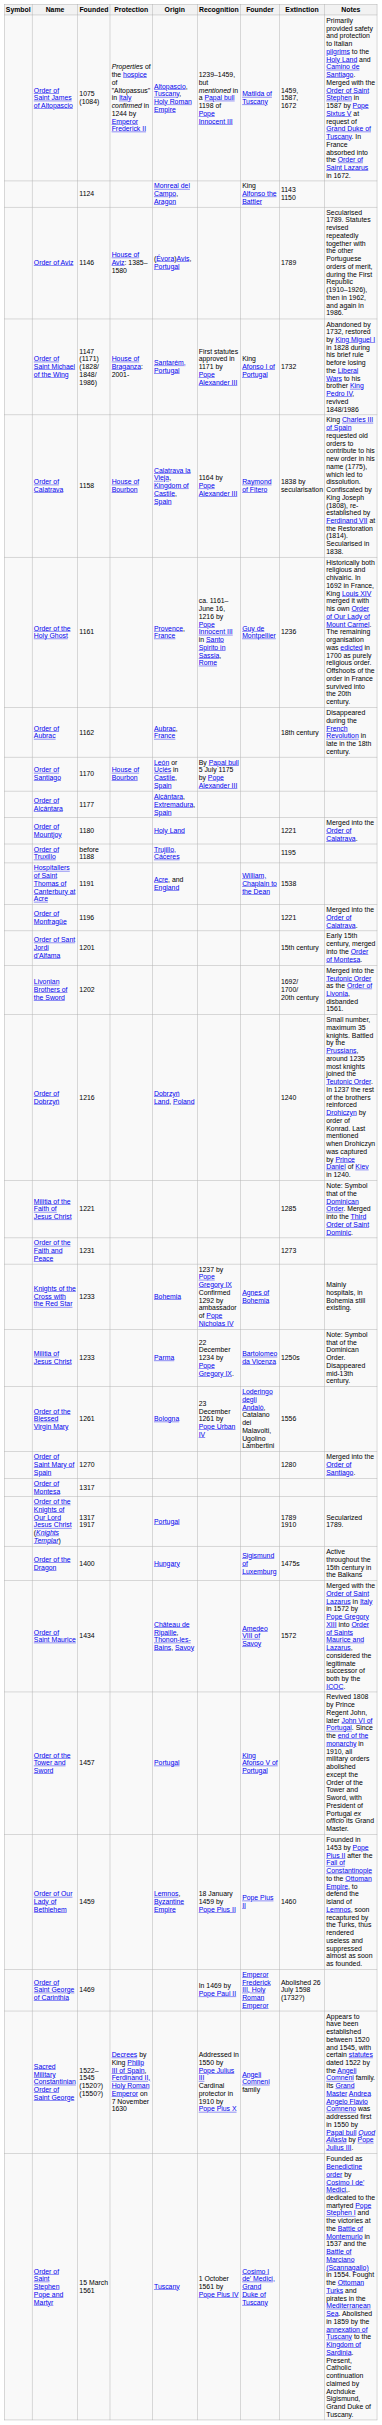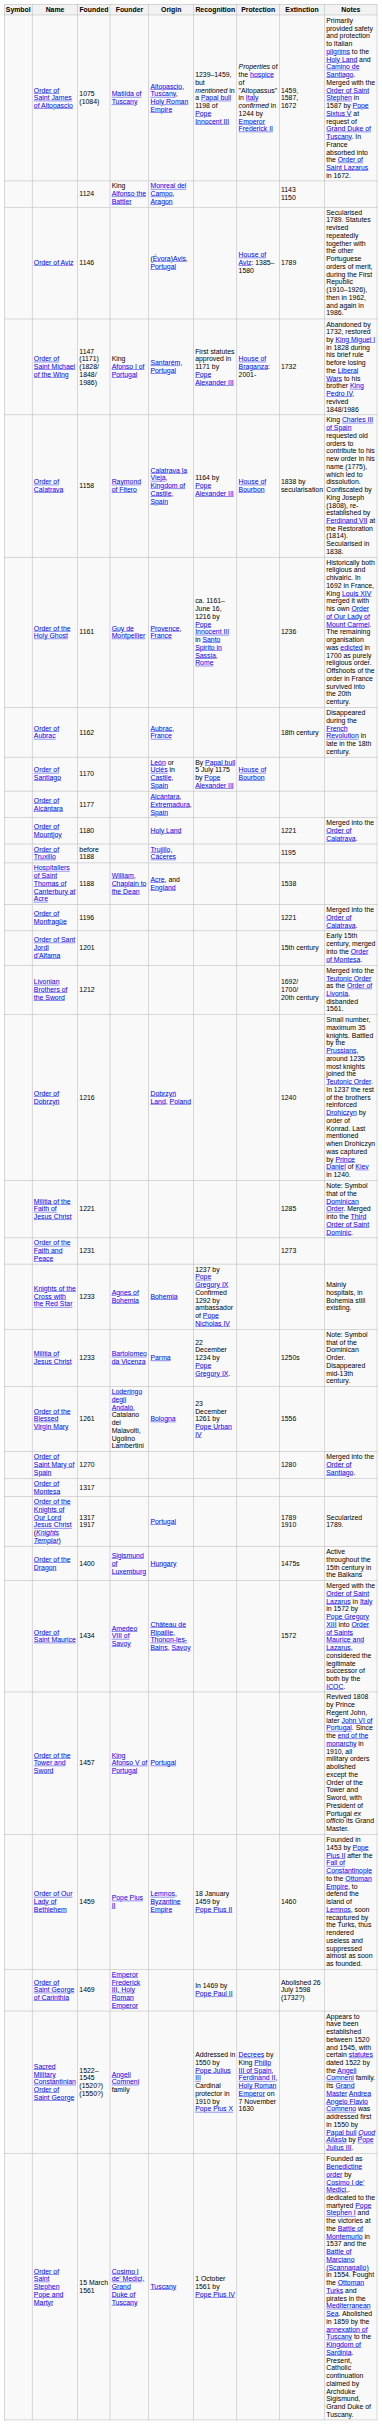 <table class="wikitable sortable">
 <tr>
 <th>Symbol</th>
 <th>Name</th>
 <th>Founded</th>
-<th>Protection</th>
+<th>Founder</th>
 <th>Origin</th>
 <th>Recognition</th>
-<th>Founder</th>
+<th>Protection</th>
 <th>Extinction</th>
 <th>Notes</th>
 </tr>
 <tr>
 <td></td>
 <td><a href='#'>Order of Saint James of Altopascio</a></td>
 <td>1075<br>(1084)</td>
-<td><em>Properties</em> of the <a href='#'>hospice</a> of "Altopassus" in <a href='#'>Italy</a> <em>confirmed</em> in 1244 by <a href='#'>Emperor Frederick II</a></td>
+<td><a href='#'>Matilda of Tuscany</a></td>
 <td><a href='#'>Altopascio</a>, <a href='#'>Tuscany</a>, <a href='#'>Holy Roman Empire</a></td>
 <td>1239–1459,<br>but <em>mentioned</em> in a <a href='#'>Papal bull</a> 1198 of <a href='#'>Pope Innocent III</a></td>
-<td><a href='#'>Matilda of Tuscany</a></td>
+<td><em>Properties</em> of the <a href='#'>hospice</a> of "Altopassus" in <a href='#'>Italy</a> <em>confirmed</em> in 1244 by <a href='#'>Emperor Frederick II</a></td>
 <td>1459,<br>1587,<br>1672</td>
 <td>Primarily provided safety and protection to  Italian <a href='#'>pilgrims</a> to the <a href='#'>Holy Land</a> and <a href='#'>Camino de Santiago</a>. Merged with the <a href='#'>Order of Saint Stephen</a> in 1587 by <a href='#'>Pope Sixtus V</a> at request of <a href='#'>Grand Duke of Tuscany</a>. In France absorbed into the <a href='#'>Order of Saint Lazarus</a> in 1672.</td>
 </tr>
 <tr>
 <td></td>
 <td></td>
 <td>1124</td>
-<td></td>
+<td>King <a href='#'>Alfonso the Battler</a></td>
 <td><a href='#'>Monreal del Campo</a>, <a href='#'>Aragon</a></td>
 <td></td>
-<td>King <a href='#'>Alfonso the Battler</a></td>
+<td></td>
 <td>1143<br>1150</td>
 <td></td>
 </tr>
 <tr>
 <td></td>
 <td><a href='#'>Order of Aviz</a></td>
 <td>1146<br></td>
-<td><a href='#'>House of Aviz</a>: 1385–1580</td>
+<td></td>
 <td>(<a href='#'>Évora</a>)<a href='#'>Avis</a>, <a href='#'>Portugal</a></td>
 <td></td>
-<td></td>
+<td><a href='#'>House of Aviz</a>: 1385–1580</td>
 <td>1789</td>
 <td>Secularised 1789. Statutes revised repeatedly together with the other Portuguese orders of merit, during the First Republic (1910–1926), then in 1962, and again in 1986.</td>
 </tr>
 <tr>
 <td></td>
 <td><a href='#'>Order of Saint Michael of the Wing</a></td>
 <td>1147<br>(1171)<br>(1828/<br>1848/<br>1986)</td>
-<td><a href='#'>House of Braganza</a>: 2001-</td>
+<td>King <a href='#'>Afonso I of Portugal</a></td>
 <td><a href='#'>Santarém, Portugal</a></td>
 <td>First statutes approved in 1171 by <a href='#'>Pope Alexander III</a></td>
-<td>King <a href='#'>Afonso I of Portugal</a></td>
+<td><a href='#'>House of Braganza</a>: 2001-</td>
 <td>1732</td>
 <td>Abandoned by 1732, restored by <a href='#'>King Miguel I</a> in 1828 during his brief rule before losing the <a href='#'>Liberal Wars</a> to his brother <a href='#'>King Pedro IV</a>, revived 1848/1986 </td>
 </tr>
 <tr>
 <td></td>
 <td><a href='#'>Order of Calatrava</a></td>
 <td>1158</td>
-<td><a href='#'>House of Bourbon</a></td>
+<td><a href='#'>Raymond of Fitero</a></td>
 <td><a href='#'>Calatrava la Vieja</a>, <a href='#'>Kingdom of Castile</a>, <a href='#'>Spain</a></td>
 <td>1164 by <a href='#'>Pope Alexander III</a></td>
-<td><a href='#'>Raymond of Fitero</a></td>
+<td><a href='#'>House of Bourbon</a></td>
 <td>1838 by secularisation</td>
 <td>King <a href='#'>Charles III of Spain</a> requested old orders to contribute to his new order in his name (1775), which led to dissolution. Confiscated by King Joseph (1808), re-established by <a href='#'>Ferdinand VII</a> at the Restoration (1814). Secularised in 1838.</td>
 </tr>
 <tr>
 <td></td>
 <td><a href='#'>Order of the Holy Ghost</a></td>
 <td>1161</td>
-<td></td>
+<td><a href='#'>Guy de Montpellier</a></td>
 <td><a href='#'>Provence</a>, <a href='#'>France</a></td>
 <td>ca. 1161–June 16, 1216 by <a href='#'>Pope Innocent III</a> in <a href='#'>Santo Spirito in Sassia</a>, <a href='#'>Rome</a></td>
-<td><a href='#'>Guy de Montpellier</a></td>
+<td></td>
 <td>1236</td>
 <td>Historically both religious and chivalric. In 1692 in France, King <a href='#'>Louis XIV</a> merged it with his own <a href='#'>Order of Our Lady of Mount Carmel</a>. The remaining organisation was <a href='#'>edicted</a> in 1700 as purely religious order. Offshoots of the order in France survived into the 20th century.</td>
 </tr>
 <tr>
 <td></td>
 <td><a href='#'>Order of Aubrac</a></td>
 <td>1162</td>
 <td></td>
 <td><a href='#'>Aubrac</a>, <a href='#'>France</a></td>
 <td></td>
 <td></td>
 <td>18th century</td>
 <td>Disappeared during the <a href='#'>French Revolution</a> in late in the 18th century.</td>
 </tr>
 <tr>
 <td></td>
 <td><a href='#'>Order of Santiago</a></td>
 <td>1170</td>
-<td><a href='#'>House of Bourbon</a></td>
+<td></td>
 <td><a href='#'>León</a> or <a href='#'>Uclés</a> in <a href='#'>Castile</a>, <a href='#'>Spain</a></td>
 <td>By <a href='#'>Papal bull</a> 5 July 1175 by <a href='#'>Pope Alexander III</a></td>
-<td></td>
+<td><a href='#'>House of Bourbon</a></td>
 <td></td>
 <td></td>
 </tr>
 <tr>
 <td></td>
 <td><a href='#'>Order of Alcántara</a></td>
 <td>1177</td>
 <td></td>
 <td><a href='#'>Alcántara</a>, <a href='#'>Extremadura</a>, <a href='#'>Spain</a></td>
 <td></td>
 <td></td>
 <td></td>
 <td></td>
 </tr>
 <tr>
 <td></td>
 <td><a href='#'>Order of Mountjoy</a></td>
 <td>1180</td>
 <td></td>
 <td><a href='#'>Holy Land</a></td>
 <td></td>
 <td></td>
 <td>1221</td>
 <td>Merged into the <a href='#'>Order of Calatrava</a>.</td>
 </tr>
 <tr>
 <td></td>
 <td><a href='#'>Order of Truxillo</a></td>
 <td>before 1188</td>
 <td></td>
 <td><a href='#'>Trujillo, Cáceres</a></td>
 <td></td>
 <td></td>
 <td>1195</td>
 <td></td>
 </tr>
 <tr>
 <td></td>
 <td><a href='#'>Hospitallers of Saint Thomas of Canterbury at Acre</a></td>
-<td>1191</td>
-<td></td>
+<td>1188</td>
+<td><a href='#'>William, Chaplain to the Dean</a></td>
 <td><a href='#'>Acre</a>, and<br><a href='#'>England</a></td>
 <td></td>
-<td><a href='#'>William, Chaplain to the Dean</a></td>
+<td></td>
 <td>1538</td>
 <td></td>
 </tr>
 <tr>
 <td></td>
 <td><a href='#'>Order of Monfragüe</a></td>
 <td>1196</td>
 <td></td>
 <td></td>
 <td></td>
 <td></td>
 <td>1221</td>
 <td>Merged into the <a href='#'>Order of Calatrava</a>.</td>
 </tr>
 <tr>
 <td></td>
 <td><a href='#'>Order of Sant Jordi d'Alfama</a></td>
 <td>1201</td>
 <td></td>
 <td></td>
 <td></td>
 <td></td>
 <td>15th century</td>
 <td>Early 15th century, merged into the <a href='#'>Order of Montesa</a>.</td>
 </tr>
 <tr>
 <td></td>
 <td><a href='#'>Livonian Brothers of the Sword</a></td>
-<td>1202</td>
+<td>1212</td>
 <td></td>
 <td></td>
 <td></td>
 <td></td>
 <td>1692/<br>1700/<br>20th century</td>
 <td>Merged into the <a href='#'>Teutonic Order</a> as the <a href='#'>Order of Livonia</a>, disbanded 1561.</td>
 </tr>
 <tr>
 <td></td>
 <td><a href='#'>Order of Dobrzyń</a></td>
 <td>1216</td>
 <td></td>
 <td><a href='#'>Dobrzyń Land</a>, <a href='#'>Poland</a></td>
 <td></td>
 <td></td>
 <td>1240</td>
 <td>Small number, maximum 35 knights. Battled by the <a href='#'>Prussians</a>, around 1235 most knights joined the <a href='#'>Teutonic Order</a>. In 1237 the rest of the brothers reinforced <a href='#'>Drohiczyn</a> by order of Konrad. Last mentioned when Drohiczyn was captured by <a href='#'>Prince Daniel</a> of <a href='#'>Kiev</a> in 1240.</td>
 </tr>
 <tr>
 <td></td>
 <td><a href='#'>Militia of the Faith of Jesus Christ</a></td>
 <td>1221</td>
 <td></td>
 <td></td>
 <td></td>
 <td></td>
 <td>1285</td>
 <td>Note: Symbol that of the <a href='#'>Dominican Order</a>. Merged into the <a href='#'>Third Order of Saint Dominic</a>.</td>
 </tr>
 <tr>
 <td></td>
 <td><a href='#'>Order of the Faith and Peace</a></td>
 <td>1231</td>
 <td></td>
 <td></td>
 <td></td>
 <td></td>
 <td>1273</td>
 <td></td>
 </tr>
 <tr>
 <td></td>
 <td><a href='#'>Knights of the Cross with the Red Star</a></td>
 <td>1233</td>
-<td></td>
+<td><a href='#'>Agnes of Bohemia</a></td>
 <td><a href='#'>Bohemia</a></td>
 <td>1237 by <a href='#'>Pope Gregory IX</a><br>Confirmed 1292 by ambassador of <a href='#'>Pope Nicholas IV</a></td>
-<td><a href='#'>Agnes of Bohemia</a></td>
+<td></td>
 <td></td>
 <td>Mainly hospitals, in Bohemia still existing.</td>
 </tr>
 <tr>
 <td></td>
 <td><a href='#'>Militia of Jesus Christ</a></td>
 <td>1233</td>
-<td></td>
+<td><a href='#'>Bartolomeo da Vicenza</a></td>
 <td><a href='#'>Parma</a></td>
 <td>22 December 1234 by <a href='#'>Pope Gregory IX</a>.</td>
-<td><a href='#'>Bartolomeo da Vicenza</a></td>
+<td></td>
 <td>1250s</td>
 <td>Note: Symbol that of the Dominican Order. Disappeared mid-13th century.</td>
 </tr>
 <tr>
 <td></td>
 <td><a href='#'>Order of the Blessed Virgin Mary</a></td>
 <td>1261</td>
-<td></td>
+<td><a href='#'>Loderingo degli Andalò</a>, Catalano dei Malavolti, Ugolino Lambertini</td>
 <td><a href='#'>Bologna</a></td>
 <td>23 December 1261 by <a href='#'>Pope Urban IV</a></td>
-<td><a href='#'>Loderingo degli Andalò</a>, Catalano dei Malavolti, Ugolino Lambertini</td>
+<td></td>
 <td>1556</td>
 <td></td>
 </tr>
 <tr>
 <td></td>
 <td><a href='#'>Order of Saint Mary of Spain</a></td>
 <td>1270</td>
 <td></td>
 <td></td>
 <td></td>
 <td></td>
 <td>1280</td>
 <td>Merged into the <a href='#'>Order of Santiago</a>.</td>
 </tr>
 <tr>
 <td></td>
 <td><a href='#'>Order of Montesa</a></td>
 <td>1317</td>
 <td></td>
 <td></td>
 <td></td>
 <td></td>
 <td></td>
 <td></td>
 </tr>
 <tr>
 <td></td>
 <td><a href='#'>Order of the Knights of Our Lord Jesus Christ</a><br>(<em><a href='#'>Knights Templar</a></em>)</td>
 <td>1317<br>1917</td>
 <td></td>
 <td><a href='#'>Portugal</a></td>
 <td></td>
 <td></td>
 <td>1789<br>1910</td>
 <td>Secularized 1789.</td>
 </tr>
 <tr>
 <td></td>
 <td><a href='#'>Order of the Dragon</a></td>
 <td>1400</td>
-<td></td>
+<td><a href='#'>Sigismund of Luxemburg</a></td>
 <td><a href='#'>Hungary</a></td>
 <td></td>
-<td><a href='#'>Sigismund of Luxemburg</a></td>
+<td></td>
 <td>1475s</td>
 <td>Active throughout the 15th century in the Balkans</td>
 </tr>
 <tr>
 <td></td>
 <td><a href='#'>Order of Saint Maurice</a></td>
 <td>1434</td>
-<td></td>
+<td><a href='#'>Amedeo VIII of Savoy</a></td>
 <td><a href='#'>Château de Ripaille</a>, <a href='#'>Thonon-les-Bains</a>, <a href='#'>Savoy</a></td>
 <td></td>
-<td><a href='#'>Amedeo VIII of Savoy</a></td>
+<td></td>
 <td>1572</td>
 <td>Merged with the <a href='#'>Order of Saint Lazarus</a> in <a href='#'>Italy</a> in 1572 by <a href='#'>Pope Gregory XIII</a> into <a href='#'>Order of Saints Maurice and Lazarus</a>, considered the legitimate successor of both by the <a href='#'>ICOC</a>.</td>
 </tr>
 <tr>
 <td></td>
 <td><a href='#'>Order of the Tower and Sword</a></td>
 <td>1457</td>
-<td></td>
+<td><a href='#'>King</a> <a href='#'>Afonso V of Portugal</a></td>
 <td><a href='#'>Portugal</a></td>
 <td></td>
-<td><a href='#'>King</a> <a href='#'>Afonso V of Portugal</a></td>
+<td></td>
 <td></td>
 <td>Revived 1808 by Prince Regent John, later <a href='#'>John VI of Portugal</a>. Since the <a href='#'>end of the monarchy</a> in 1910, all military orders abolished except the Order of the Tower and Sword, with President of Portugal <em>ex officio</em> its Grand Master.</td>
 </tr>
 <tr>
 <td></td>
 <td><a href='#'>Order of Our Lady of Bethlehem</a></td>
 <td>1459</td>
-<td></td>
+<td><a href='#'>Pope Pius II</a></td>
 <td><a href='#'>Lemnos</a>, <a href='#'>Byzantine Empire</a></td>
 <td>18 January 1459 by <a href='#'>Pope Pius II</a></td>
-<td><a href='#'>Pope Pius II</a></td>
+<td></td>
 <td>1460</td>
 <td>Founded in 1453 by <a href='#'>Pope Pius II</a> after the <a href='#'>Fall of Constantinople</a> to the <a href='#'>Ottoman Empire</a>, to defend the island of <a href='#'>Lemnos</a>, soon recaptured by the Turks, thus rendered useless and suppressed almost as soon as founded.</td>
 </tr>
 <tr>
 <td></td>
 <td><a href='#'>Order of Saint George of Carinthia</a></td>
 <td>1469</td>
-<td></td>
+<td><a href='#'>Emperor</a> <a href='#'>Frederick III, Holy Roman Emperor</a></td>
 <td></td>
 <td>In 1469 by <a href='#'>Pope Paul II</a></td>
-<td><a href='#'>Emperor</a> <a href='#'>Frederick III, Holy Roman Emperor</a></td>
+<td></td>
 <td>Abolished 26 July 1598<br>(1732?)</td>
 <td></td>
 </tr>
 <tr>
 <td></td>
 <td><a href='#'>Sacred Military Constantinian Order of Saint George</a></td>
 <td>1522–1545<br>(1520?)(1550?)</td>
-<td><a href='#'>Decrees</a> by King <a href='#'>Philip III of Spain</a>, <a href='#'>Ferdinand II, Holy Roman Emperor</a> on 7 November 1630</td>
+<td><a href='#'>Angeli Comneni</a> family</td>
 <td></td>
 <td>Addressed in 1550 by <a href='#'>Pope Julius III</a><br>Cardinal protector in 1910 by <a href='#'>Pope Pius X</a></td>
-<td><a href='#'>Angeli Comneni</a> family</td>
+<td><a href='#'>Decrees</a> by King <a href='#'>Philip III of Spain</a>, <a href='#'>Ferdinand II, Holy Roman Emperor</a> on 7 November 1630</td>
 <td></td>
 <td>Appears to have been established between 1520 and 1545, with certain <a href='#'>statutes</a> dated 1522 by the <a href='#'>Angeli Comneni</a> family. Its <a href='#'>Grand Master</a> <a href='#'>Andrea Angelo Flavio Comneno</a> was addressed first in 1550 by <a href='#'>Papal bull</a> <em><a href='#'>Quod Aliasla</a></em> by <a href='#'>Pope Julius III</a>.</td>
 </tr>
 <tr>
 <td></td>
 <td><a href='#'>Order of Saint Stephen Pope and Martyr</a></td>
 <td>15 March 1561</td>
-<td></td>
+<td><a href='#'>Cosimo I de' Medici, Grand Duke of Tuscany</a></td>
 <td><a href='#'>Tuscany</a></td>
 <td>1 October 1561 by <a href='#'>Pope Pius IV</a></td>
-<td><a href='#'>Cosimo I de' Medici, Grand Duke of Tuscany</a></td>
+<td></td>
 <td></td>
 <td>Founded as <a href='#'>Benedictine order</a> by <a href='#'>Cosimo I de' Medici</a>,. dedicated to the martyred <a href='#'>Pope Stephen I</a> and the victories at the <a href='#'>Battle of Montemurlo</a> in 1537 and the <a href='#'>Battle of Marciano (Scannagallo)</a> in 1554. Fought the <a href='#'>Ottoman Turks</a> and pirates in the <a href='#'>Mediterranean Sea</a>. Abolished in 1859 by the <a href='#'>annexation of Tuscany</a> to the <a href='#'>Kingdom of Sardinia</a>. Present, Catholic continuation claimed by Archduke Sigismund, Grand Duke of Tuscany.</td>
 </tr>
 </table>
